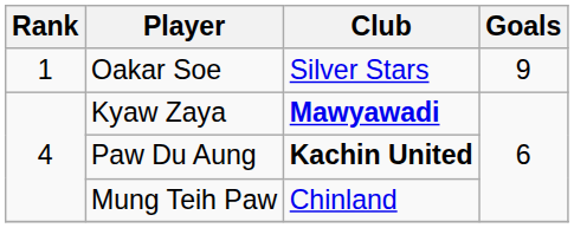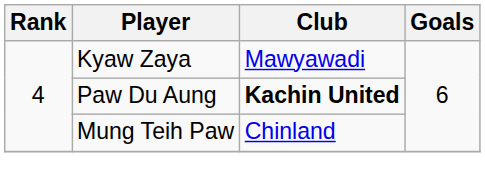 <table class="wikitable" style="text-align:center">
 <tr>
 <th>Rank</th>
 <th>Player</th>
 <th>Club</th>
 <th>Goals</th>
 </tr>
 <tr>
-<td>1</td>
-<td align="left"> Oakar Soe</td>
-<td align="left"><a href='#'>Silver Stars</a></td>
-<td>9</td>
-</tr>
-<tr>
 <td rowspan="3">4</td>
 <td align="left"> Kyaw Zaya</td>
-<td align="left"><strong><a href='#'>Mawyawadi</a></strong></td>
+<td align="left"><a href='#'>Mawyawadi</a></td>
 <td rowspan="3">6</td>
 </tr>
 <tr>
 <td align="left"> Paw Du Aung</td>
 <td align="left"><strong>Kachin United</strong></td>
 </tr>
 <tr>
 <td align="left"> Mung Teih Paw</td>
 <td align="left"><a href='#'>Chinland</a></td>
 </tr>
 <tr>
 </tr>
 </table>
